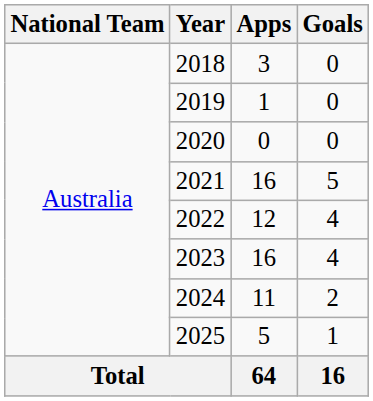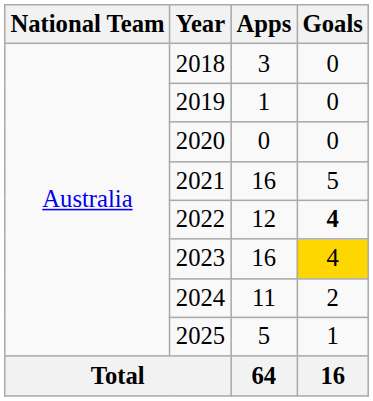 <table class="wikitable" style="text-align:center">
 <tr>
 <th>National Team</th>
 <th>Year</th>
 <th>Apps</th>
 <th>Goals</th>
 </tr>
 <tr>
 <td rowspan="8"><a href='#'>Australia</a></td>
 <td>2018</td>
 <td>3</td>
 <td>0</td>
 </tr>
 <tr>
 <td>2019</td>
 <td>1</td>
 <td>0</td>
 </tr>
 <tr>
 <td>2020</td>
 <td>0</td>
 <td>0</td>
 </tr>
 <tr>
 <td>2021</td>
 <td>16</td>
 <td>5</td>
 </tr>
 <tr>
 <td>2022</td>
 <td>12</td>
-<td>4</td>
+<td><strong>4</strong></td>
 </tr>
 <tr>
 <td>2023</td>
 <td>16</td>
-<td>4</td>
+<td style="background: gold;">4</td>
 </tr>
 <tr>
 <td>2024</td>
 <td>11</td>
 <td>2</td>
 </tr>
 <tr>
 <td>2025</td>
 <td>5</td>
 <td>1</td>
 </tr>
 <tr>
 <th colspan="2">Total</th>
 <th>64</th>
 <th>16</th>
 </tr>
 </table>
